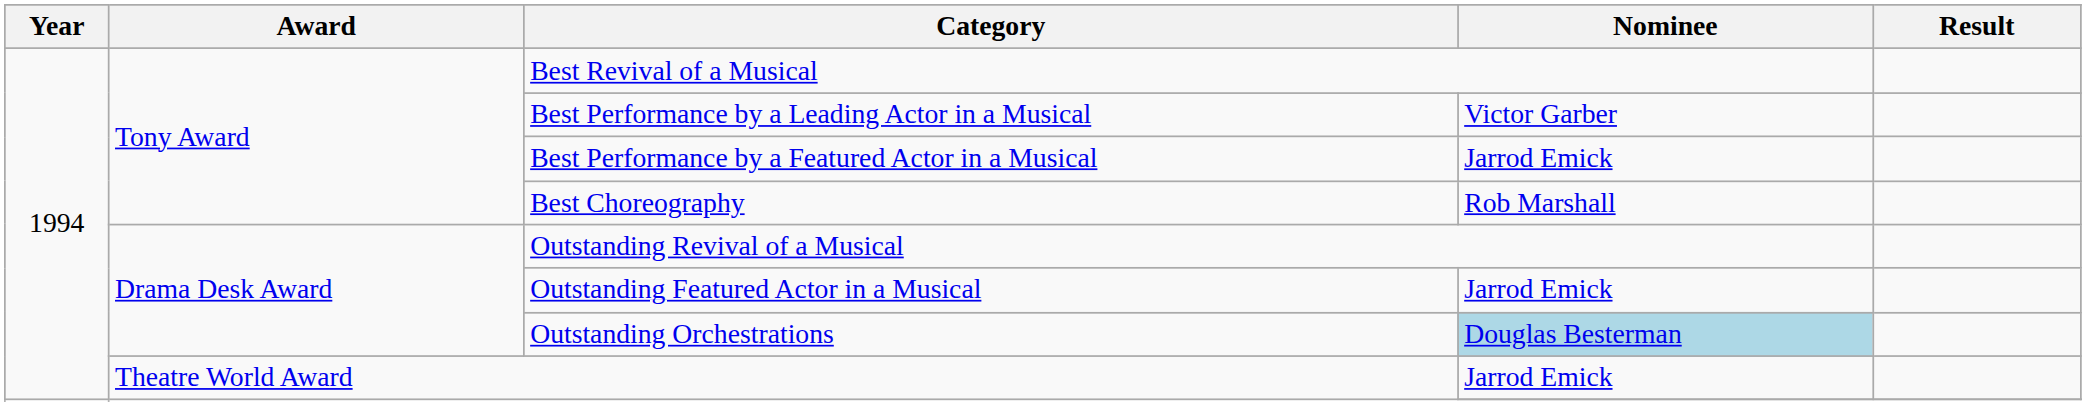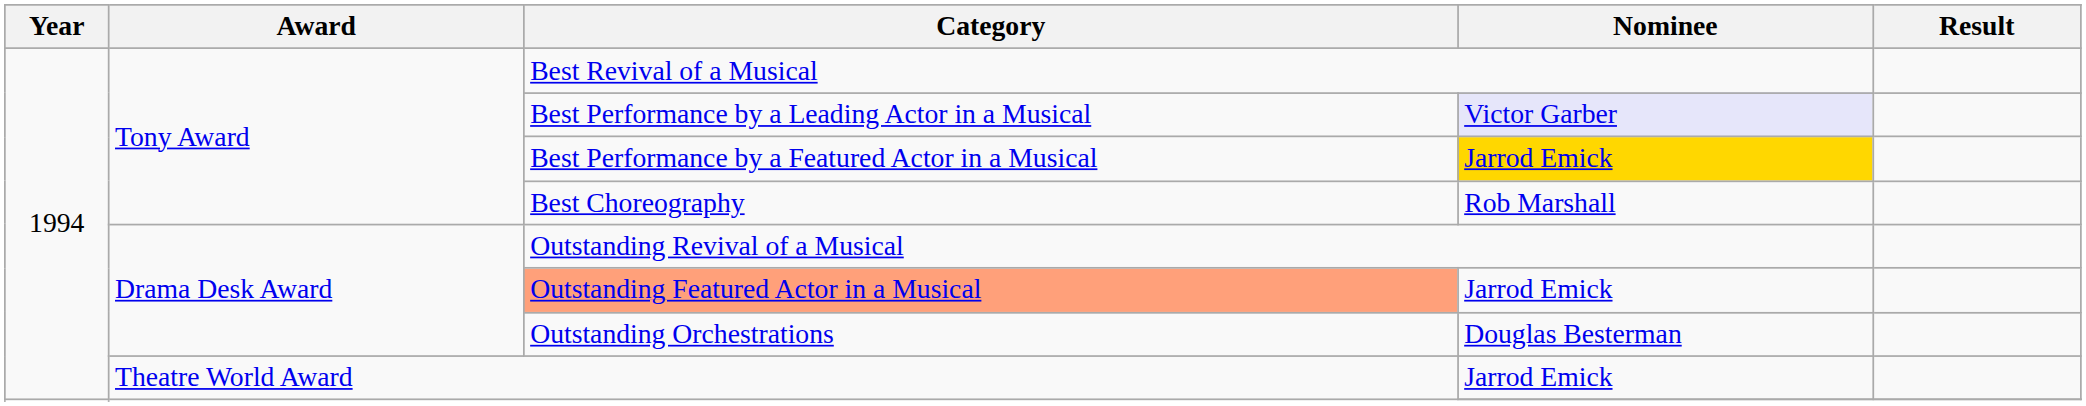 <table class="wikitable" width="95%">
 <tr>
 <th width="5%">Year</th>
 <th width="20%">Award</th>
 <th width="45%">Category</th>
 <th width="20%">Nominee</th>
 <th width="10%">Result</th>
 </tr>
 <tr>
 <td rowspan="9" align="center">1994</td>
 <td rowspan="4"><a href='#'>Tony Award</a></td>
 <td colspan="2"><a href='#'>Best Revival of a Musical</a></td>
 <td></td>
 </tr>
 <tr>
 <td><a href='#'>Best Performance by a Leading Actor in a Musical</a></td>
-<td><a href='#'>Victor Garber</a></td>
+<td style="background: lavender;"><a href='#'>Victor Garber</a></td>
 <td></td>
 </tr>
 <tr>
 <td><a href='#'>Best Performance by a Featured Actor in a Musical</a></td>
-<td><a href='#'>Jarrod Emick</a></td>
+<td style="background: gold;"><a href='#'>Jarrod Emick</a></td>
 <td></td>
 </tr>
 <tr>
 <td><a href='#'>Best Choreography</a></td>
 <td><a href='#'>Rob Marshall</a></td>
 <td></td>
 </tr>
 <tr>
 <td rowspan="3"><a href='#'>Drama Desk Award</a></td>
 <td colspan="2"><a href='#'>Outstanding Revival of a Musical</a></td>
 <td></td>
 </tr>
 <tr>
-<td><a href='#'>Outstanding Featured Actor in a Musical</a></td>
+<td style="background: lightsalmon;"><a href='#'>Outstanding Featured Actor in a Musical</a></td>
 <td><a href='#'>Jarrod Emick</a></td>
 <td></td>
 </tr>
 <tr>
 <td><a href='#'>Outstanding Orchestrations</a></td>
-<td style="background: lightblue;"><a href='#'>Douglas Besterman</a></td>
+<td><a href='#'>Douglas Besterman</a></td>
 <td></td>
 </tr>
 <tr>
 <td rowspan="2" colspan="2"><a href='#'>Theatre World Award</a></td>
 <td><a href='#'>Jarrod Emick</a></td>
 <td></td>
 </tr>
 <tr>
 </tr>
 </table>
